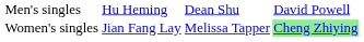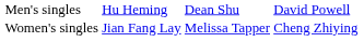 <table>
 <tr>
 <td>Men's singles <br></td>
 <td> <a href='#'>Hu Heming</a></td>
 <td> <a href='#'>Dean Shu</a></td>
 <td> <a href='#'>David Powell</a></td>
 </tr>
 <tr>
 <td>Women's singles <br></td>
 <td> <a href='#'>Jian Fang Lay</a></td>
 <td> <a href='#'>Melissa Tapper</a></td>
-<td style="background: lightgreen;"> <a href='#'>Cheng Zhiying</a></td>
+<td> <a href='#'>Cheng Zhiying</a></td>
 </tr>
 <tr>
 </tr>
 </table>
